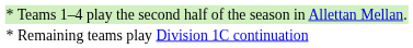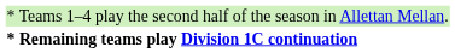 <table>
 <tr style="background: #D0F0C0;">
 <td>* Teams 1–4 play the second half of the season in <a href='#'>Allettan Mellan</a>.</td>
 </tr>
 <tr>
-<td>* Remaining teams play <a href='#'>Division 1C continuation</a></td>
+<td><strong>* Remaining teams play <a href='#'>Division 1C continuation</a></strong></td>
 </tr>
 </table>
